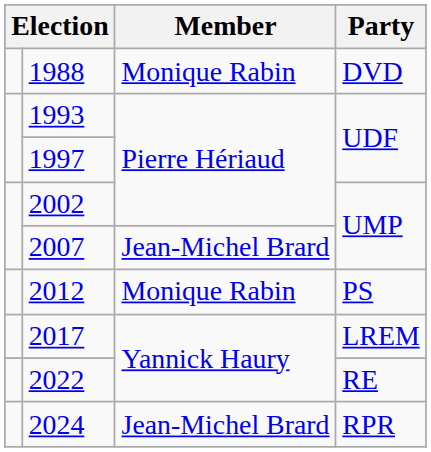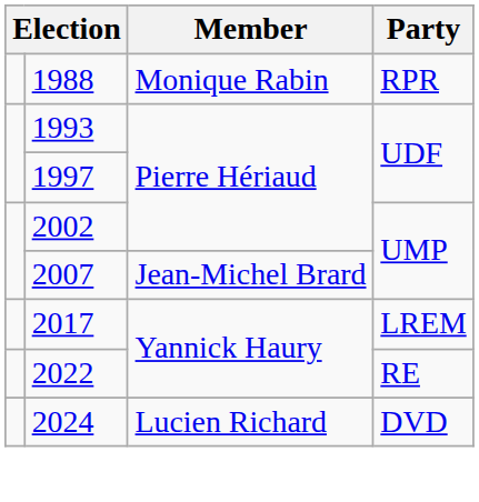 <table class="wikitable">
 <tr>
 <th colspan="2">Election</th>
 <th>Member</th>
 <th>Party</th>
 </tr>
 <tr>
 <td style="color:inherit;background-color: "></td>
 <td><a href='#'>1988</a></td>
 <td><a href='#'>Monique Rabin</a></td>
-<td><a href='#'>DVD</a></td>
+<td><a href='#'>RPR</a></td>
 </tr>
 <tr>
 <td rowspan="2" style="color:inherit;background-color: "></td>
 <td><a href='#'>1993</a></td>
 <td rowspan="3"><a href='#'>Pierre Hériaud</a></td>
 <td rowspan="2"><a href='#'>UDF</a></td>
 </tr>
 <tr>
 <td><a href='#'>1997</a></td>
 </tr>
 <tr>
 <td rowspan="2" style="color:inherit;background-color: "></td>
 <td><a href='#'>2002</a></td>
 <td rowspan="2"><a href='#'>UMP</a></td>
 </tr>
 <tr>
 <td><a href='#'>2007</a></td>
 <td><a href='#'>Jean-Michel Brard</a></td>
 </tr>
 <tr>
 <td style="color:inherit;background-color: "></td>
-<td><a href='#'>2012</a></td>
-<td><a href='#'>Monique Rabin</a></td>
-<td><a href='#'>PS</a></td>
-</tr>
-<tr>
-<td style="color:inherit;background-color: "></td>
 <td><a href='#'>2017</a></td>
 <td rowspan=2><a href='#'>Yannick Haury</a></td>
 <td><a href='#'>LREM</a></td>
 </tr>
 <tr>
 <td style="color:inherit;background-color: "></td>
 <td><a href='#'>2022</a></td>
 <td><a href='#'>RE</a></td>
 </tr>
 <tr>
 <td style="color:inherit;background-color: "></td>
 <td><a href='#'>2024</a></td>
-<td><a href='#'>Jean-Michel Brard</a></td>
-<td><a href='#'>RPR</a></td>
+<td><a href='#'>Lucien Richard</a></td>
+<td><a href='#'>DVD</a></td>
 </tr>
 </table>
